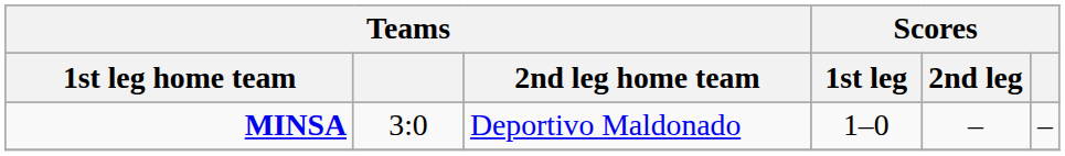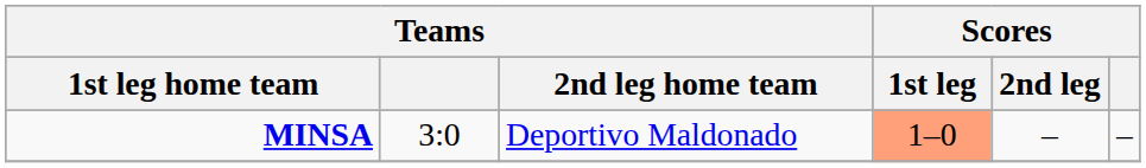 <table class="wikitable" style="text-align: center;">
 <tr>
 <th colspan=3>Teams</th>
 <th colspan=3>Scores</th>
 </tr>
 <tr>
 <th width="175">1st leg home team</th>
 <th width="50"></th>
 <th width="175">2nd leg home team</th>
 <th width="50">1st leg</th>
 <th width="50">2nd leg</th>
 <th></th>
 </tr>
 <tr>
 <td align=right><strong><a href='#'>MINSA</a></strong></td>
 <td>3:0</td>
 <td align=left><a href='#'>Deportivo Maldonado</a></td>
-<td>1–0</td>
+<td style="background: lightsalmon;">1–0</td>
 <td>–</td>
 <td>–</td>
 </tr>
 <tr>
 </tr>
 </table>
